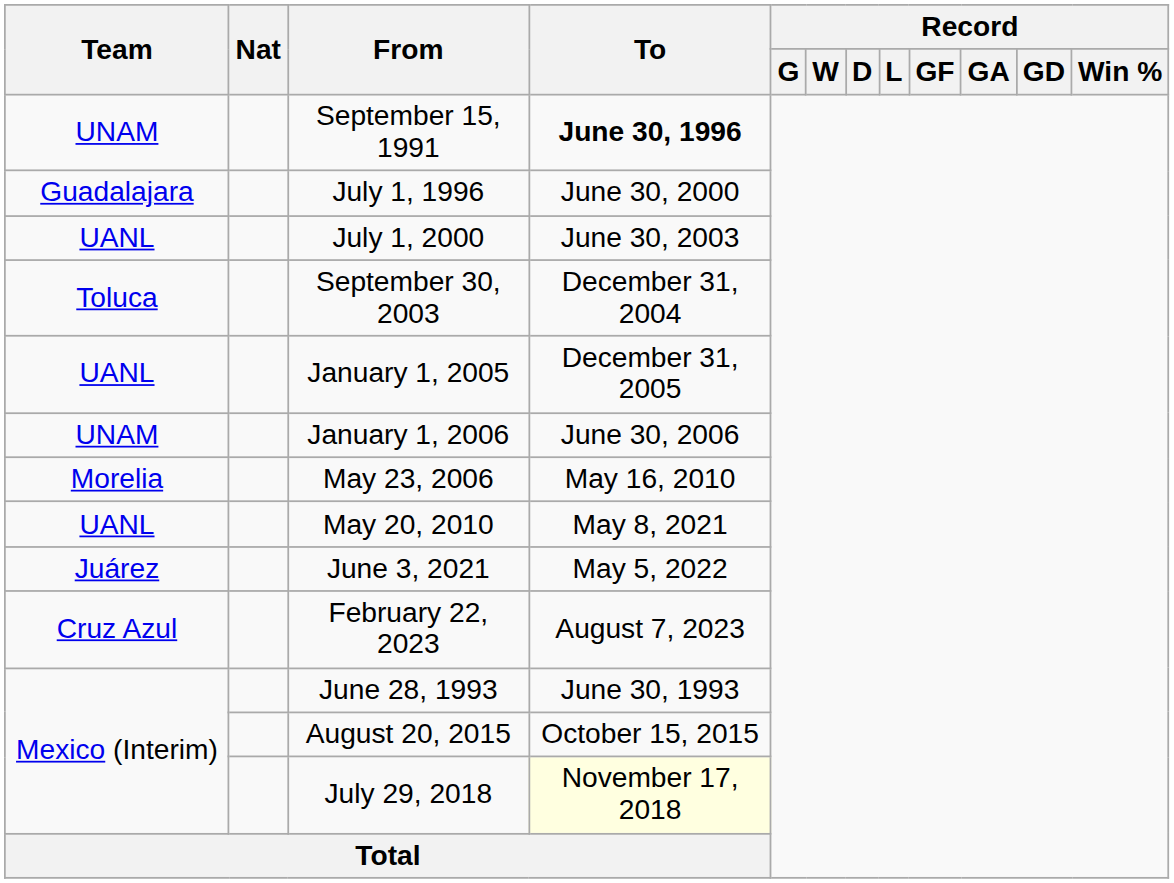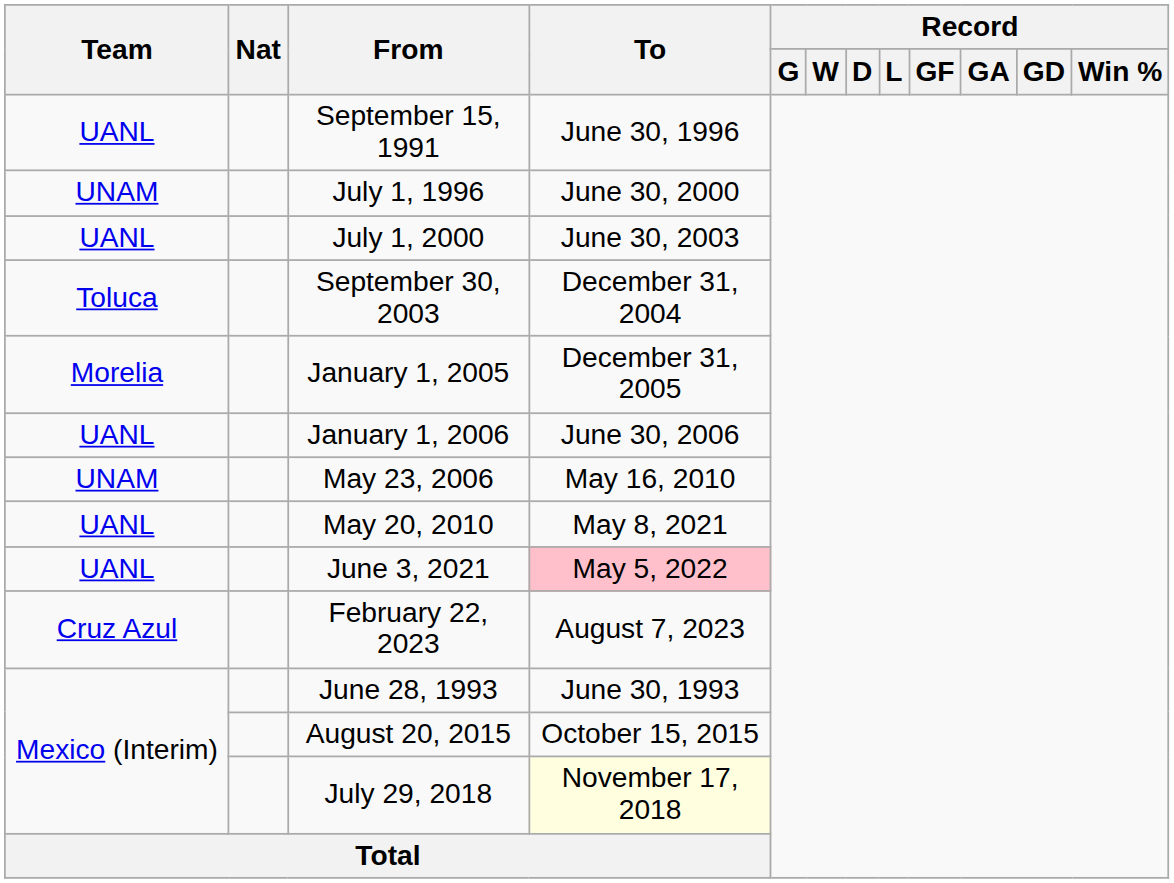 <table class="wikitable" style="text-align: center">
 <tr>
 <th rowspan="2" style="width:120px;">Team</th>
 <th rowspan="2" style="width:10px;">Nat</th>
 <th rowspan="2" style="width:130px;">From</th>
 <th rowspan="2" style="width:130px;">To</th>
 <th colspan="8">Record</th>
 </tr>
 <tr>
 <th>G</th>
 <th>W</th>
 <th>D</th>
 <th>L</th>
 <th>GF</th>
 <th>GA</th>
 <th>GD</th>
 <th>Win %</th>
 </tr>
 <tr>
-<td style="text-align:center;"><a href='#'>UNAM</a></td>
+<td style="text-align:center;"><a href='#'>UANL</a></td>
 <td></td>
 <td style="text-align:center;">September 15, 1991</td>
-<td align="center"><strong>June 30, 1996<br></strong></td>
+<td align="center">June 30, 1996<br></td>
 </tr>
 <tr>
-<td style="text-align:center;"><a href='#'>Guadalajara</a></td>
+<td style="text-align:center;"><a href='#'>UNAM</a></td>
 <td></td>
 <td style="text-align:center;">July 1, 1996</td>
 <td align="center">June 30, 2000<br></td>
 </tr>
 <tr>
 <td style="text-align:center;"><a href='#'>UANL</a></td>
 <td></td>
 <td style="text-align:center;">July 1, 2000</td>
 <td align="center">June 30, 2003<br></td>
 </tr>
 <tr>
 <td style="text-align:center;"><a href='#'>Toluca</a></td>
 <td></td>
 <td style="text-align:center;">September 30, 2003</td>
 <td align="center">December 31, 2004<br></td>
 </tr>
 <tr>
-<td style="text-align:center;"><a href='#'>UANL</a></td>
+<td style="text-align:center;"><a href='#'>Morelia</a></td>
 <td></td>
 <td style="text-align:center;">January 1, 2005</td>
 <td align="center">December 31, 2005<br></td>
 </tr>
 <tr>
-<td style="text-align:center;"><a href='#'>UNAM</a></td>
+<td style="text-align:center;"><a href='#'>UANL</a></td>
 <td></td>
 <td style="text-align:center;">January 1, 2006</td>
 <td align="center">June 30, 2006<br></td>
 </tr>
 <tr>
-<td style="text-align:center;"><a href='#'>Morelia</a></td>
+<td style="text-align:center;"><a href='#'>UNAM</a></td>
 <td></td>
 <td style="text-align:center;">May 23, 2006</td>
 <td align="center">May 16, 2010<br></td>
 </tr>
 <tr>
 <td style="text-align:center;"><a href='#'>UANL</a></td>
 <td></td>
 <td style="text-align:center;">May 20, 2010</td>
 <td align="center">May 8, 2021<br></td>
 </tr>
 <tr>
-<td style="text-align:center;"><a href='#'>Juárez</a></td>
+<td style="text-align:center;"><a href='#'>UANL</a></td>
 <td></td>
 <td style="text-align:center;">June 3, 2021</td>
-<td align="center">May 5, 2022<br></td>
+<td align="center" style="background: pink;">May 5, 2022<br></td>
 </tr>
 <tr>
 <td style="text-align:center;"><a href='#'>Cruz Azul</a></td>
 <td></td>
 <td style="text-align:center;">February 22, 2023</td>
 <td align="center">August 7, 2023<br></td>
 </tr>
 <tr>
 <td rowspan="3"><a href='#'>Mexico</a> (Interim)</td>
 <td></td>
 <td style="text-align:center;">June 28, 1993</td>
 <td align="center">June 30, 1993<br></td>
 </tr>
 <tr>
 <td></td>
 <td style="text-align:center;">August 20, 2015</td>
 <td align="center">October 15, 2015<br></td>
 </tr>
 <tr>
 <td></td>
 <td style="text-align:center;">July 29, 2018</td>
 <td align="center" style="background: lightyellow;">November 17, 2018<br></td>
 </tr>
 <tr>
 <th colspan="4"><strong>Total</strong><br></th>
 </tr>
 </table>
